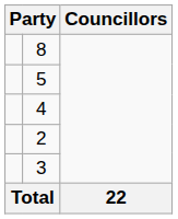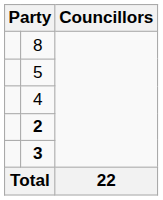 <table class="wikitable">
 <tr>
 <th colspan=2>Party</th>
 <th>Councillors</th>
 </tr>
 <tr>
 <td></td>
 <td align=center>8</td>
 </tr>
 <tr>
 <td></td>
 <td align=center>5</td>
 </tr>
 <tr>
 <td></td>
 <td align=center>4</td>
 </tr>
 <tr>
 <td></td>
-<td align=center>2</td>
+<td align=center><strong>2</strong></td>
 </tr>
 <tr>
 <td></td>
-<td align=center>3</td>
+<td align=center><strong>3</strong></td>
 </tr>
 <tr>
 <th colspan=2>Total</th>
 <th align=center>22</th>
 </tr>
 </table>
